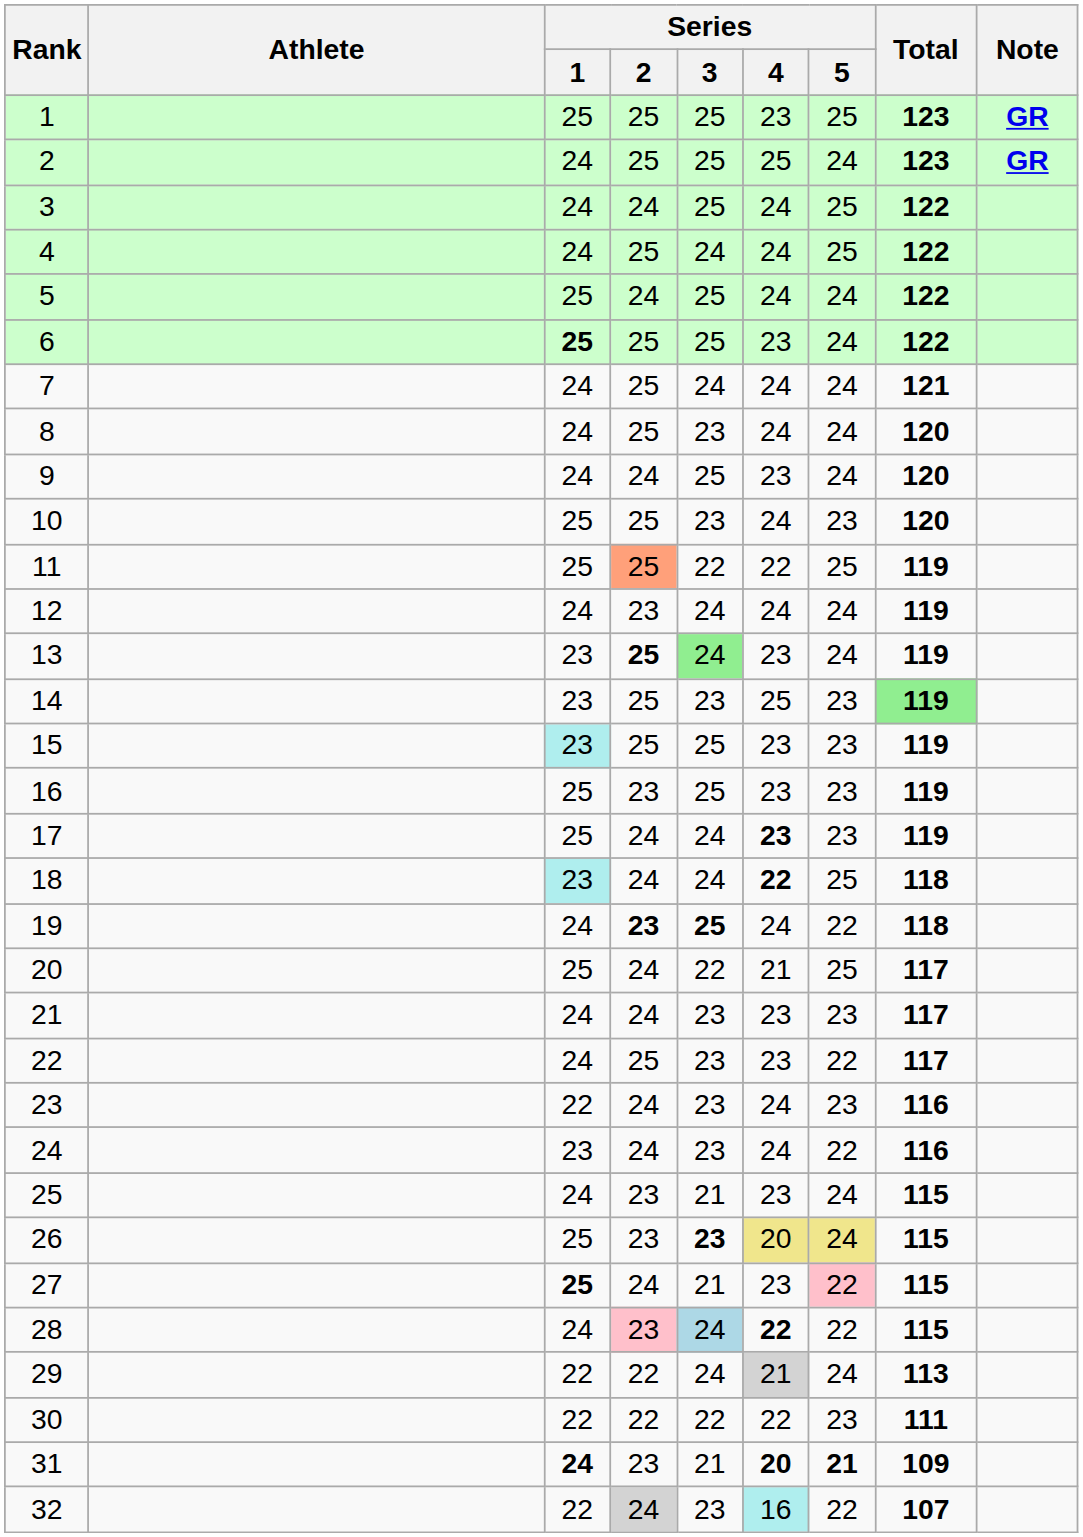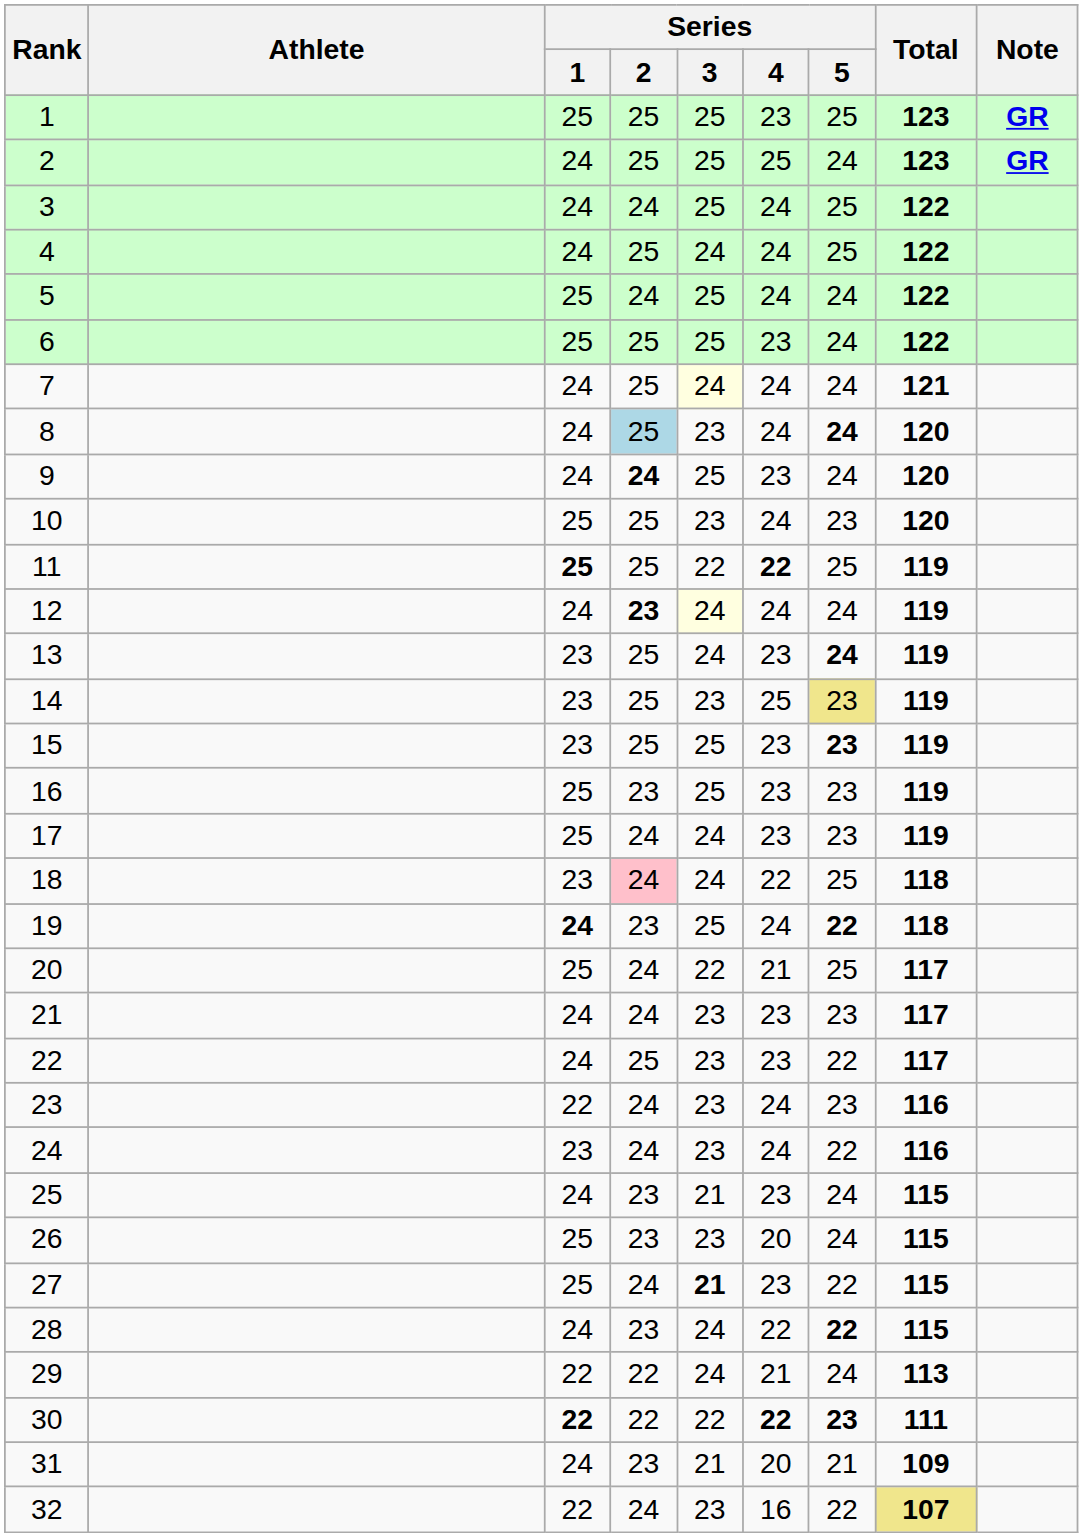 <table class="wikitable" style="text-align:center">
 <tr>
 <th rowspan=2 width=40>Rank</th>
 <th rowspan=2 width=250>Athlete</th>
 <th colspan=5>Series</th>
 <th rowspan=2 width=50>Total</th>
 <th rowspan=2 width=50>Note</th>
 </tr>
 <tr>
 <th width=30>1</th>
 <th width=30>2</th>
 <th width=30>3</th>
 <th width=30>4</th>
 <th width=30>5</th>
 </tr>
 <tr bgcolor=ccffcc>
 <td>1</td>
 <td align=left></td>
 <td>25</td>
 <td>25</td>
 <td>25</td>
 <td>23</td>
 <td>25</td>
 <td><strong>123</strong></td>
 <td><strong><a href='#'>GR</a></strong></td>
 </tr>
 <tr bgcolor=ccffcc>
 <td>2</td>
 <td align=left></td>
 <td>24</td>
 <td>25</td>
 <td>25</td>
 <td>25</td>
 <td>24</td>
 <td><strong>123</strong></td>
 <td><strong><a href='#'>GR</a></strong></td>
 </tr>
 <tr bgcolor=ccffcc>
 <td>3</td>
 <td align=left></td>
 <td>24</td>
 <td>24</td>
 <td>25</td>
 <td>24</td>
 <td>25</td>
 <td><strong>122</strong></td>
 <td></td>
 </tr>
 <tr bgcolor=ccffcc>
 <td>4</td>
 <td align=left></td>
 <td>24</td>
 <td>25</td>
 <td>24</td>
 <td>24</td>
 <td>25</td>
 <td><strong>122</strong></td>
 <td></td>
 </tr>
 <tr bgcolor=ccffcc>
 <td>5</td>
 <td align=left></td>
 <td>25</td>
 <td>24</td>
 <td>25</td>
 <td>24</td>
 <td>24</td>
 <td><strong>122</strong></td>
 <td></td>
 </tr>
 <tr bgcolor=ccffcc>
 <td>6</td>
 <td align=left></td>
-<td><strong>25</strong></td>
+<td>25</td>
 <td>25</td>
 <td>25</td>
 <td>23</td>
 <td>24</td>
 <td><strong>122</strong></td>
 <td></td>
 </tr>
 <tr>
 <td>7</td>
 <td align=left></td>
 <td>24</td>
 <td>25</td>
-<td>24</td>
+<td style="background: lightyellow;">24</td>
 <td>24</td>
 <td>24</td>
 <td><strong>121</strong></td>
 <td></td>
 </tr>
 <tr>
 <td>8</td>
 <td align=left></td>
 <td>24</td>
-<td>25</td>
+<td style="background: lightblue;">25</td>
 <td>23</td>
 <td>24</td>
-<td>24</td>
+<td><strong>24</strong></td>
 <td><strong>120</strong></td>
 <td></td>
 </tr>
 <tr>
 <td>9</td>
 <td align=left></td>
 <td>24</td>
-<td>24</td>
+<td><strong>24</strong></td>
 <td>25</td>
 <td>23</td>
 <td>24</td>
 <td><strong>120</strong></td>
 <td></td>
 </tr>
 <tr>
 <td>10</td>
 <td align=left></td>
 <td>25</td>
 <td>25</td>
 <td>23</td>
 <td>24</td>
 <td>23</td>
 <td><strong>120</strong></td>
 <td></td>
 </tr>
 <tr>
 <td>11</td>
 <td align=left></td>
+<td><strong>25</strong></td>
 <td>25</td>
-<td style="background: lightsalmon;">25</td>
 <td>22</td>
-<td>22</td>
+<td><strong>22</strong></td>
 <td>25</td>
 <td><strong>119</strong></td>
 <td></td>
 </tr>
 <tr>
 <td>12</td>
 <td align=left></td>
 <td>24</td>
-<td>23</td>
-<td>24</td>
+<td><strong>23</strong></td>
+<td style="background: lightyellow;">24</td>
 <td>24</td>
 <td>24</td>
 <td><strong>119</strong></td>
 <td></td>
 </tr>
 <tr>
 <td>13</td>
 <td align=left></td>
 <td>23</td>
-<td><strong>25</strong></td>
-<td style="background: lightgreen;">24</td>
+<td>25</td>
+<td>24</td>
 <td>23</td>
-<td>24</td>
+<td><strong>24</strong></td>
 <td><strong>119</strong></td>
 <td></td>
 </tr>
 <tr>
 <td>14</td>
 <td align=left></td>
 <td>23</td>
 <td>25</td>
 <td>23</td>
 <td>25</td>
-<td>23</td>
-<td style="background: lightgreen;"><strong>119</strong></td>
+<td style="background: khaki;">23</td>
+<td><strong>119</strong></td>
 <td></td>
 </tr>
 <tr>
 <td>15</td>
 <td align=left></td>
-<td style="background: paleturquoise;">23</td>
+<td>23</td>
 <td>25</td>
 <td>25</td>
 <td>23</td>
-<td>23</td>
+<td><strong>23</strong></td>
 <td><strong>119</strong></td>
 <td></td>
 </tr>
 <tr>
 <td>16</td>
 <td align=left></td>
 <td>25</td>
 <td>23</td>
 <td>25</td>
 <td>23</td>
 <td>23</td>
 <td><strong>119</strong></td>
 <td></td>
 </tr>
 <tr>
 <td>17</td>
 <td align=left></td>
 <td>25</td>
 <td>24</td>
 <td>24</td>
-<td><strong>23</strong></td>
+<td>23</td>
 <td>23</td>
 <td><strong>119</strong></td>
 <td></td>
 </tr>
 <tr>
 <td>18</td>
 <td align=left></td>
-<td style="background: paleturquoise;">23</td>
+<td>23</td>
+<td style="background: pink;">24</td>
 <td>24</td>
-<td>24</td>
-<td><strong>22</strong></td>
+<td>22</td>
 <td>25</td>
 <td><strong>118</strong></td>
 <td></td>
 </tr>
 <tr>
 <td>19</td>
 <td align=left></td>
+<td><strong>24</strong></td>
+<td>23</td>
+<td>25</td>
 <td>24</td>
-<td><strong>23</strong></td>
-<td><strong>25</strong></td>
-<td>24</td>
-<td>22</td>
+<td><strong>22</strong></td>
 <td><strong>118</strong></td>
 <td></td>
 </tr>
 <tr>
 <td>20</td>
 <td align=left></td>
 <td>25</td>
 <td>24</td>
 <td>22</td>
 <td>21</td>
 <td>25</td>
 <td><strong>117</strong></td>
 <td></td>
 </tr>
 <tr>
 <td>21</td>
 <td align=left></td>
 <td>24</td>
 <td>24</td>
 <td>23</td>
 <td>23</td>
 <td>23</td>
 <td><strong>117</strong></td>
 <td></td>
 </tr>
 <tr>
 <td>22</td>
 <td align=left></td>
 <td>24</td>
 <td>25</td>
 <td>23</td>
 <td>23</td>
 <td>22</td>
 <td><strong>117</strong></td>
 <td></td>
 </tr>
 <tr>
 <td>23</td>
 <td align=left></td>
 <td>22</td>
 <td>24</td>
 <td>23</td>
 <td>24</td>
 <td>23</td>
 <td><strong>116</strong></td>
 <td></td>
 </tr>
 <tr>
 <td>24</td>
 <td align=left></td>
 <td>23</td>
 <td>24</td>
 <td>23</td>
 <td>24</td>
 <td>22</td>
 <td><strong>116</strong></td>
 <td></td>
 </tr>
 <tr>
 <td>25</td>
 <td align=left></td>
 <td>24</td>
 <td>23</td>
 <td>21</td>
 <td>23</td>
 <td>24</td>
 <td><strong>115</strong></td>
 <td></td>
 </tr>
 <tr>
 <td>26</td>
 <td align=left></td>
 <td>25</td>
 <td>23</td>
-<td><strong>23</strong></td>
-<td style="background: khaki;">20</td>
-<td style="background: khaki;">24</td>
+<td>23</td>
+<td>20</td>
+<td>24</td>
 <td><strong>115</strong></td>
 <td></td>
 </tr>
 <tr>
 <td>27</td>
 <td align=left></td>
-<td><strong>25</strong></td>
+<td>25</td>
 <td>24</td>
-<td>21</td>
+<td><strong>21</strong></td>
 <td>23</td>
-<td style="background: pink;">22</td>
+<td>22</td>
 <td><strong>115</strong></td>
 <td></td>
 </tr>
 <tr>
 <td>28</td>
 <td align=left></td>
 <td>24</td>
-<td style="background: pink;">23</td>
-<td style="background: lightblue;">24</td>
+<td>23</td>
+<td>24</td>
+<td>22</td>
 <td><strong>22</strong></td>
-<td>22</td>
 <td><strong>115</strong></td>
 <td></td>
 </tr>
 <tr>
 <td>29</td>
 <td align=left></td>
 <td>22</td>
 <td>22</td>
 <td>24</td>
-<td style="background: lightgrey;">21</td>
+<td>21</td>
 <td>24</td>
 <td><strong>113</strong></td>
 <td></td>
 </tr>
 <tr>
 <td>30</td>
 <td align=left></td>
+<td><strong>22</strong></td>
 <td>22</td>
 <td>22</td>
-<td>22</td>
-<td>22</td>
-<td>23</td>
+<td><strong>22</strong></td>
+<td><strong>23</strong></td>
 <td><strong>111</strong></td>
 <td></td>
 </tr>
 <tr>
 <td>31</td>
 <td align=left></td>
-<td><strong>24</strong></td>
+<td>24</td>
 <td>23</td>
 <td>21</td>
-<td><strong>20</strong></td>
-<td><strong>21</strong></td>
+<td>20</td>
+<td>21</td>
 <td><strong>109</strong></td>
 <td></td>
 </tr>
 <tr>
 <td>32</td>
 <td align=left></td>
 <td>22</td>
-<td style="background: lightgrey;">24</td>
+<td>24</td>
 <td>23</td>
-<td style="background: paleturquoise;">16</td>
+<td>16</td>
 <td>22</td>
-<td><strong>107</strong></td>
+<td style="background: khaki;"><strong>107</strong></td>
 <td></td>
 </tr>
 </table>
